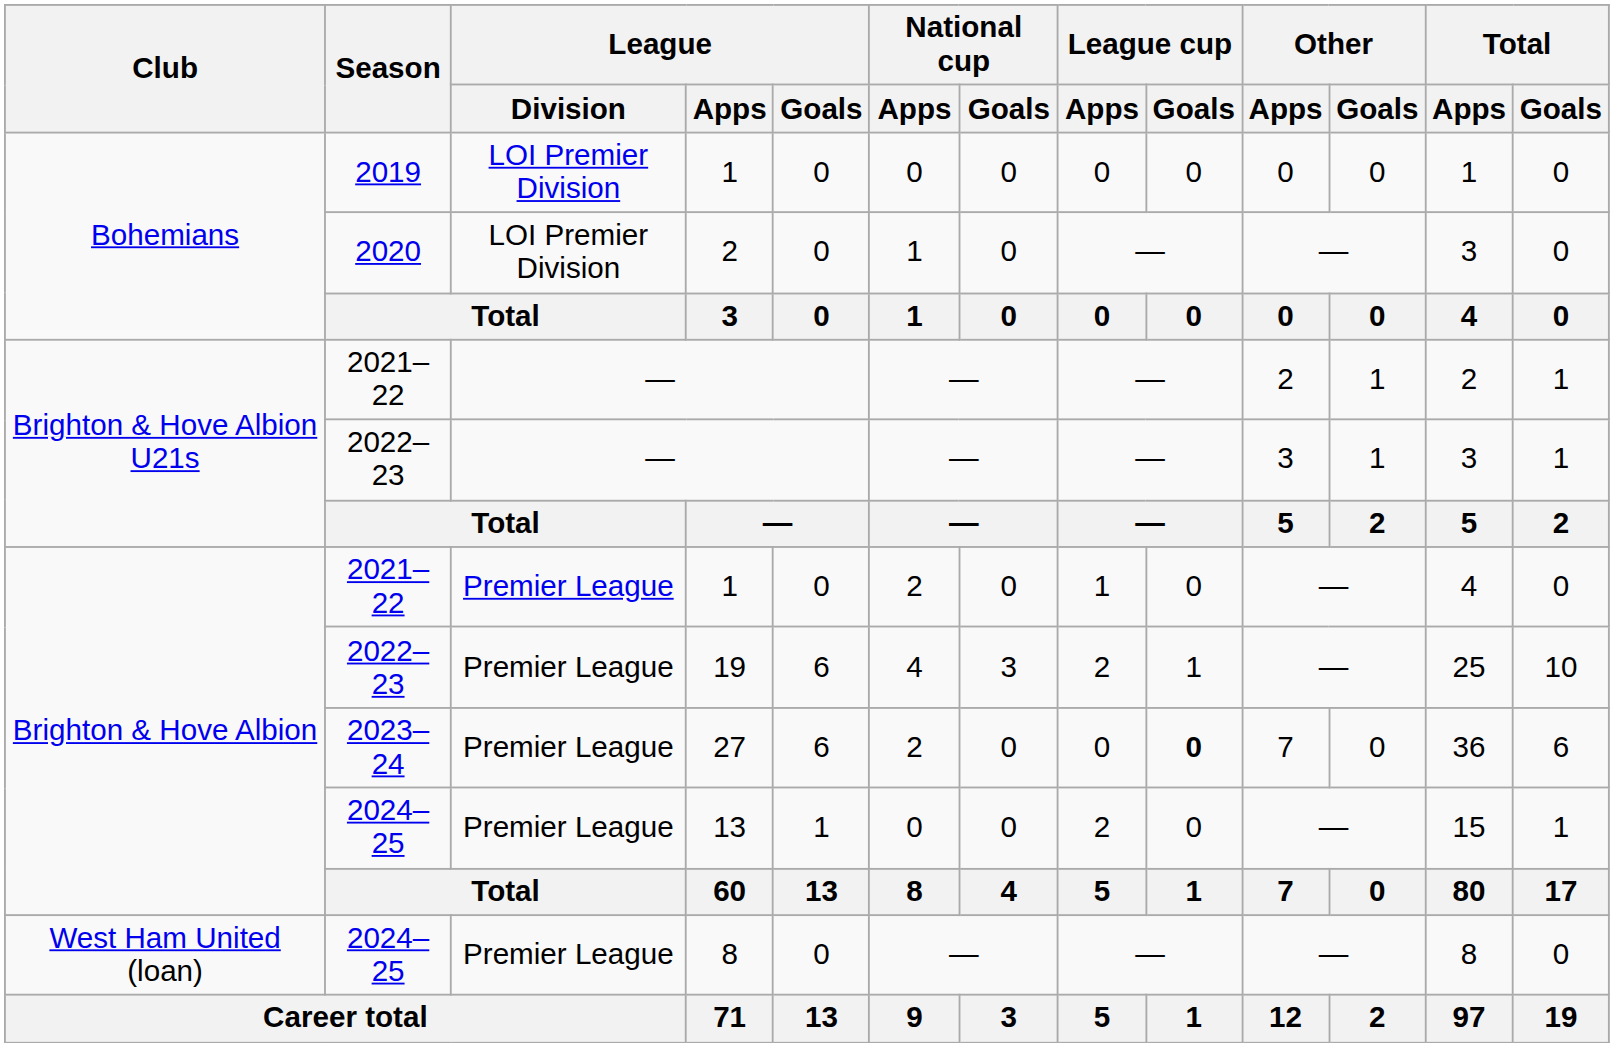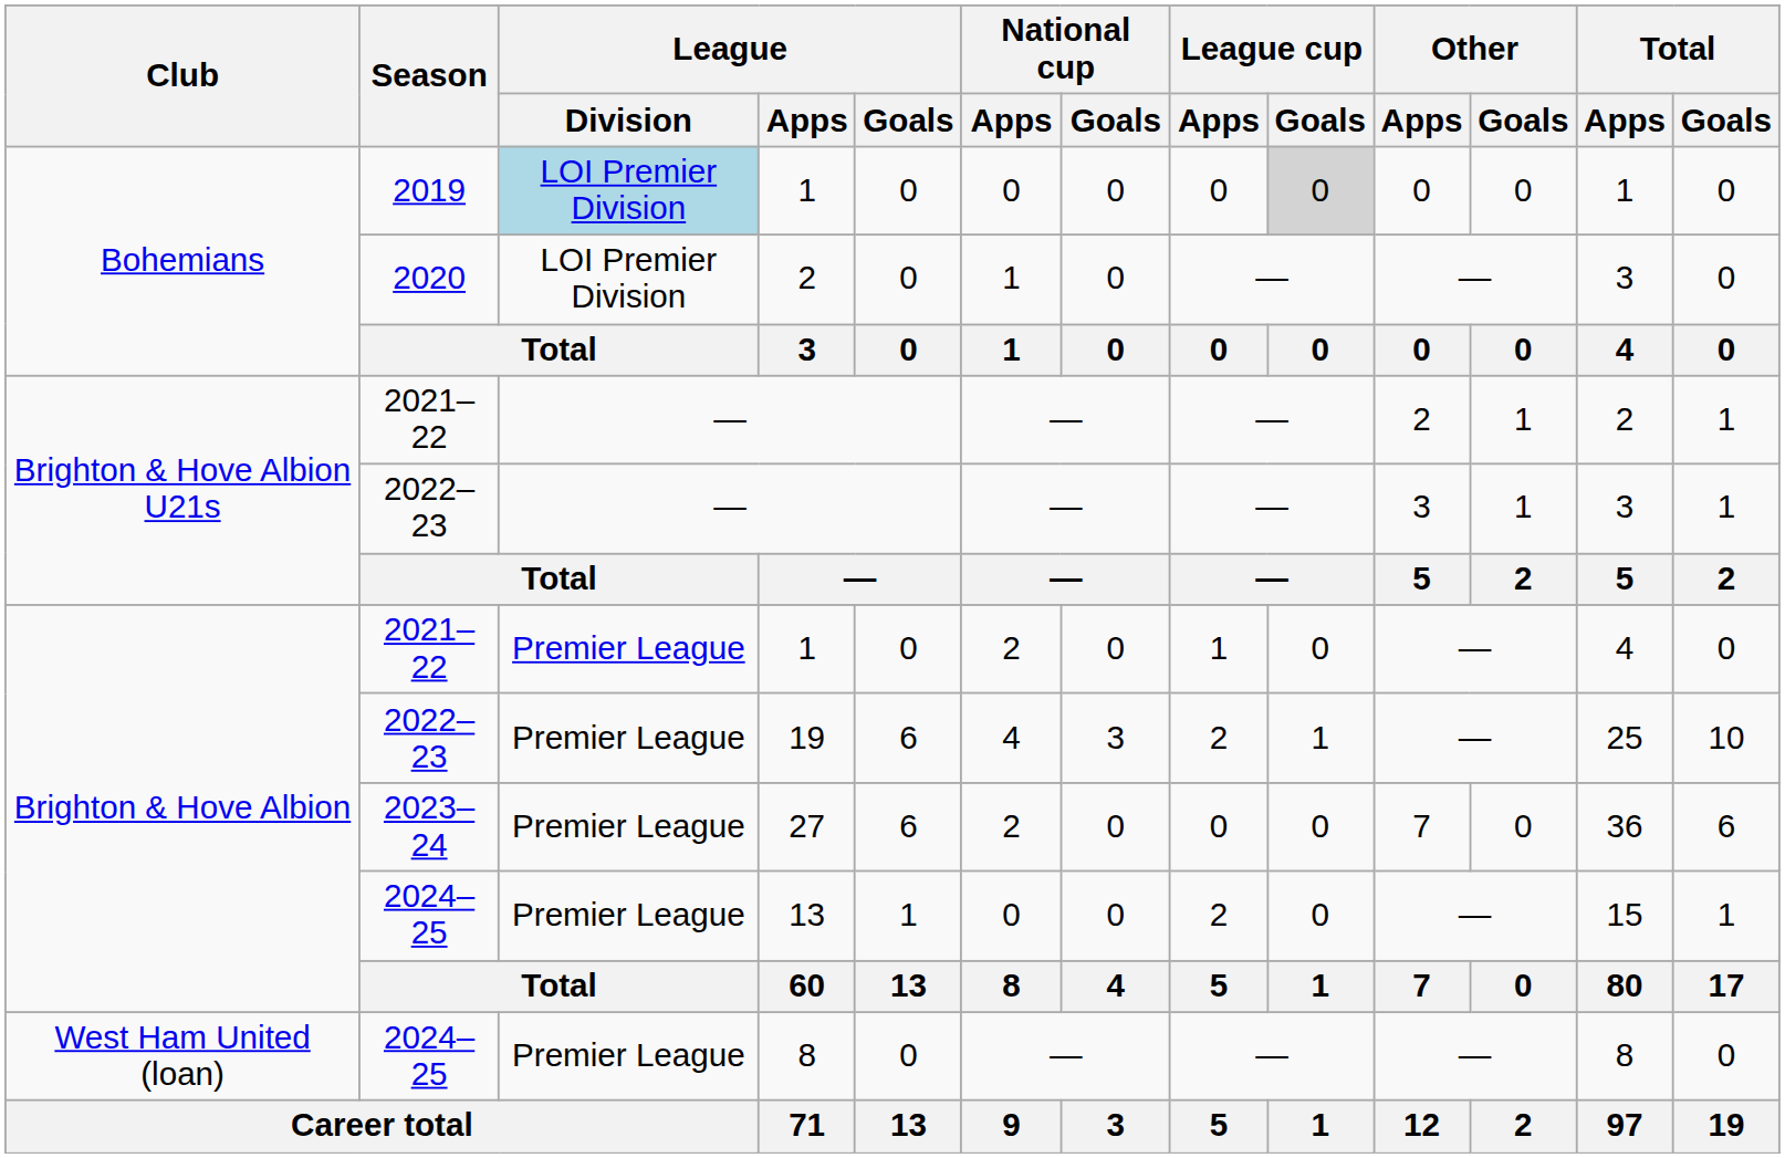 <table class="wikitable" style="text-align:center">
 <tr>
 <th rowspan="2">Club</th>
 <th rowspan="2">Season</th>
 <th colspan="3">League</th>
 <th colspan="2">National cup</th>
 <th colspan="2">League cup</th>
 <th colspan="2">Other</th>
 <th colspan="2">Total</th>
 </tr>
 <tr>
 <th>Division</th>
 <th>Apps</th>
 <th>Goals</th>
 <th>Apps</th>
 <th>Goals</th>
 <th>Apps</th>
 <th>Goals</th>
 <th>Apps</th>
 <th>Goals</th>
 <th>Apps</th>
 <th>Goals</th>
 </tr>
 <tr>
 <td rowspan="3"><a href='#'>Bohemians</a></td>
 <td><a href='#'>2019</a></td>
-<td><a href='#'>LOI Premier Division</a></td>
+<td style="background: lightblue;"><a href='#'>LOI Premier Division</a></td>
 <td>1</td>
 <td>0</td>
 <td>0</td>
 <td>0</td>
 <td>0</td>
-<td>0</td>
+<td style="background: lightgrey;">0</td>
 <td>0</td>
 <td>0</td>
 <td>1</td>
 <td>0</td>
 </tr>
 <tr>
 <td><a href='#'>2020</a></td>
 <td>LOI Premier Division</td>
 <td>2</td>
 <td>0</td>
 <td>1</td>
 <td>0</td>
 <td colspan="2">—</td>
 <td colspan="2">—</td>
 <td>3</td>
 <td>0</td>
 </tr>
 <tr>
 <th colspan="2">Total</th>
 <th>3</th>
 <th>0</th>
 <th>1</th>
 <th>0</th>
 <th>0</th>
 <th>0</th>
 <th>0</th>
 <th>0</th>
 <th>4</th>
 <th>0</th>
 </tr>
 <tr>
 <td rowspan="3"><a href='#'>Brighton & Hove Albion U21s</a></td>
 <td>2021–22</td>
 <td colspan="3">—</td>
 <td colspan="2">—</td>
 <td colspan="2">—</td>
 <td>2</td>
 <td>1</td>
 <td>2</td>
 <td>1</td>
 </tr>
 <tr>
 <td>2022–23</td>
 <td colspan="3">—</td>
 <td colspan="2">—</td>
 <td colspan="2">—</td>
 <td>3</td>
 <td>1</td>
 <td>3</td>
 <td>1</td>
 </tr>
 <tr>
 <th colspan="2">Total</th>
 <th colspan="2">—</th>
 <th colspan="2">—</th>
 <th colspan="2">—</th>
 <th>5</th>
 <th>2</th>
 <th>5</th>
 <th>2</th>
 </tr>
 <tr>
 <td rowspan="5"><a href='#'>Brighton & Hove Albion</a></td>
 <td><a href='#'>2021–22</a></td>
 <td><a href='#'>Premier League</a></td>
 <td>1</td>
 <td>0</td>
 <td>2</td>
 <td>0</td>
 <td>1</td>
 <td>0</td>
 <td colspan="2">—</td>
 <td>4</td>
 <td>0</td>
 </tr>
 <tr>
 <td><a href='#'>2022–23</a></td>
 <td>Premier League</td>
 <td>19</td>
 <td>6</td>
 <td>4</td>
 <td>3</td>
 <td>2</td>
 <td>1</td>
 <td colspan="2">—</td>
 <td>25</td>
 <td>10</td>
 </tr>
 <tr>
 <td><a href='#'>2023–24</a></td>
 <td>Premier League</td>
 <td>27</td>
 <td>6</td>
 <td>2</td>
 <td>0</td>
 <td>0</td>
-<td><strong>0</strong></td>
+<td>0</td>
 <td>7</td>
 <td>0</td>
 <td>36</td>
 <td>6</td>
 </tr>
 <tr>
 <td><a href='#'>2024–25</a></td>
 <td>Premier League</td>
 <td>13</td>
 <td>1</td>
 <td>0</td>
 <td>0</td>
 <td>2</td>
 <td>0</td>
 <td colspan="2">—</td>
 <td>15</td>
 <td>1</td>
 </tr>
 <tr>
 <th colspan="2">Total</th>
 <th>60</th>
 <th>13</th>
 <th>8</th>
 <th>4</th>
 <th>5</th>
 <th>1</th>
 <th>7</th>
 <th>0</th>
 <th>80</th>
 <th>17</th>
 </tr>
 <tr>
 <td><a href='#'>West Ham United</a> (loan)</td>
 <td><a href='#'>2024–25</a></td>
 <td>Premier League</td>
 <td>8</td>
 <td>0</td>
 <td colspan="2">—</td>
 <td colspan="2">—</td>
 <td colspan="2">—</td>
 <td>8</td>
 <td>0</td>
 </tr>
 <tr>
 <th colspan="3">Career total</th>
 <th>71</th>
 <th>13</th>
 <th>9</th>
 <th>3</th>
 <th>5</th>
 <th>1</th>
 <th>12</th>
 <th>2</th>
 <th>97</th>
 <th>19</th>
 </tr>
 </table>
